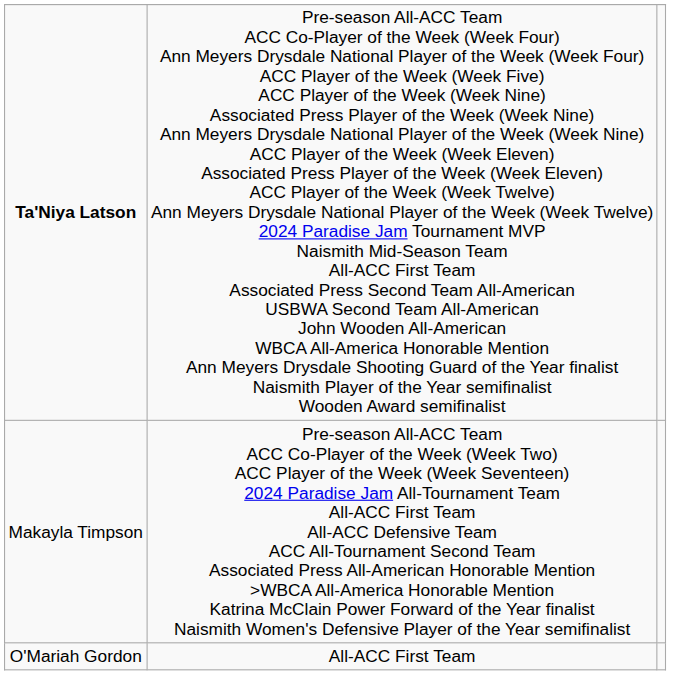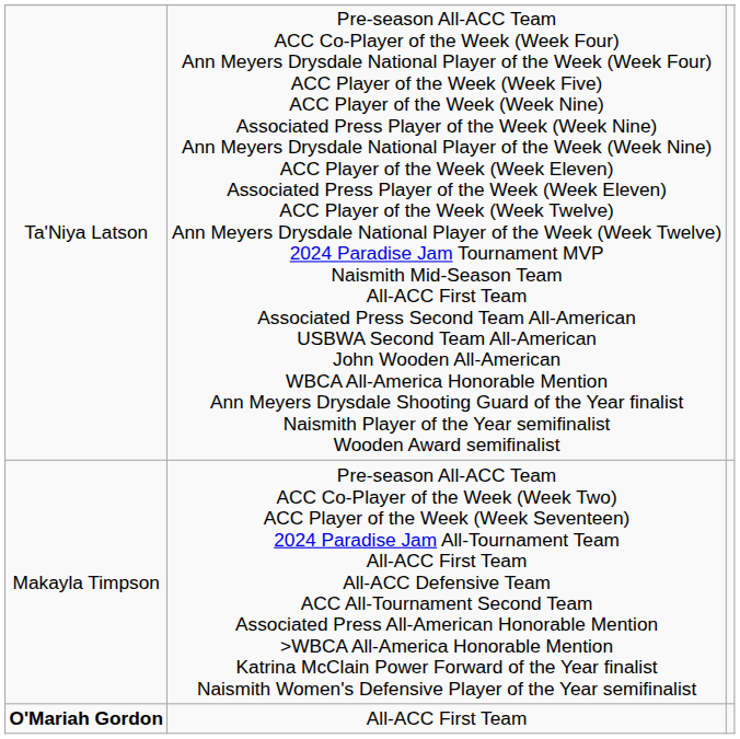 <table class="wikitable sortable" style="text-align: center">
 <tr align=center>
 </tr>
 <tr>
-<td><strong>Ta'Niya Latson</strong></td>
+<td>Ta'Niya Latson</td>
 <td>Pre-season All-ACC Team<br>ACC Co-Player of the Week (Week Four)<br>Ann Meyers Drysdale National Player of the Week (Week Four)<br>ACC Player of the Week (Week Five)<br>ACC Player of the Week (Week Nine)<br>Associated Press Player of the Week (Week Nine)<br>Ann Meyers Drysdale National Player of the Week (Week Nine)<br>ACC Player of the Week (Week Eleven)<br>Associated Press Player of the Week (Week Eleven)<br>ACC Player of the Week (Week Twelve)<br>Ann Meyers Drysdale National Player of the Week (Week Twelve)<br><a href='#'>2024 Paradise Jam</a> Tournament MVP<br>Naismith Mid-Season Team<br>All-ACC First Team<br>Associated Press Second Team All-American<br>USBWA Second Team All-American<br>John Wooden All-American<br>WBCA All-America Honorable Mention<br>Ann Meyers Drysdale Shooting Guard of the Year finalist<br>Naismith Player of the Year semifinalist<br>Wooden Award semifinalist</td>
 <td></td>
 </tr>
 <tr>
 <td>Makayla Timpson</td>
 <td>Pre-season All-ACC Team<br>ACC Co-Player of the Week (Week Two)<br>ACC Player of the Week (Week Seventeen)<br><a href='#'>2024 Paradise Jam</a> All-Tournament Team<br>All-ACC First Team<br>All-ACC Defensive Team<br>ACC All-Tournament Second Team<br>Associated Press All-American Honorable Mention<br>>WBCA All-America Honorable Mention<br>Katrina McClain Power Forward of the Year finalist<br>Naismith Women's Defensive Player of the Year semifinalist</td>
 <td><br></td>
 </tr>
 <tr>
-<td>O'Mariah Gordon</td>
+<td><strong>O'Mariah Gordon</strong></td>
 <td>All-ACC First Team</td>
 <td></td>
 </tr>
 </table>
